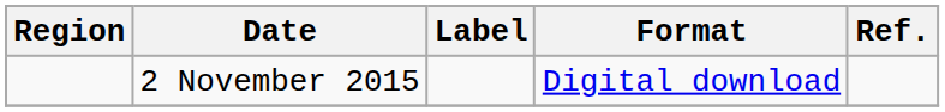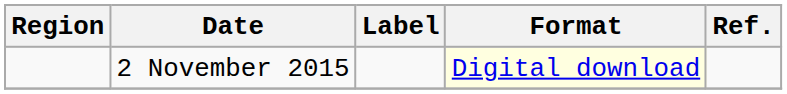 <table class=wikitable>
 <tr>
 <th>Region</th>
 <th>Date</th>
 <th>Label</th>
 <th>Format</th>
 <th>Ref.</th>
 </tr>
 <tr>
 <td></td>
 <td>2 November 2015</td>
 <td></td>
-<td><a href='#'>Digital download</a></td>
+<td style="background: lightyellow;"><a href='#'>Digital download</a></td>
 <td></td>
 </tr>
 <tr>
 </tr>
 </table>
